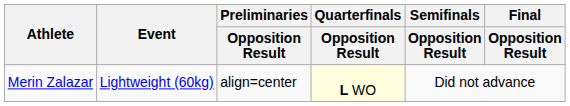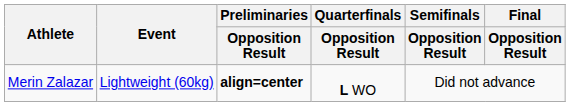 <table class="wikitable" border="1" style="font-size:90%">
 <tr>
 <th rowspan=2>Athlete</th>
 <th rowspan=2>Event</th>
 <th>Preliminaries</th>
 <th>Quarterfinals</th>
 <th>Semifinals</th>
 <th>Final</th>
 </tr>
 <tr>
 <th>Opposition<br>Result</th>
 <th>Opposition<br>Result</th>
 <th>Opposition<br>Result</th>
 <th>Opposition<br>Result</th>
 </tr>
 <tr>
 <td><a href='#'>Merin Zalazar</a></td>
 <td><a href='#'>Lightweight (60kg)</a></td>
-<td>align=center </td>
-<td align=center style="background: lightyellow;"><br><strong>L</strong> WO</td>
+<td><strong>align=center </strong></td>
+<td align=center><br><strong>L</strong> WO</td>
 <td align=center colspan="2">Did not advance</td>
 </tr>
 </table>
